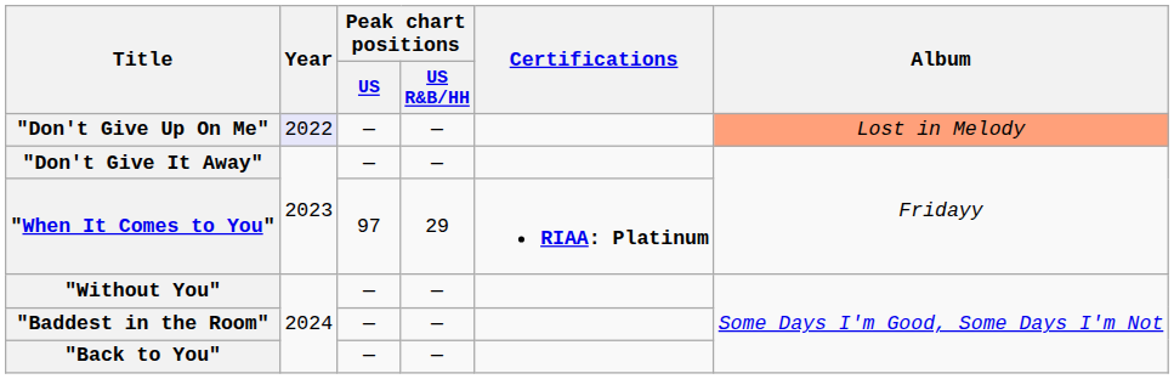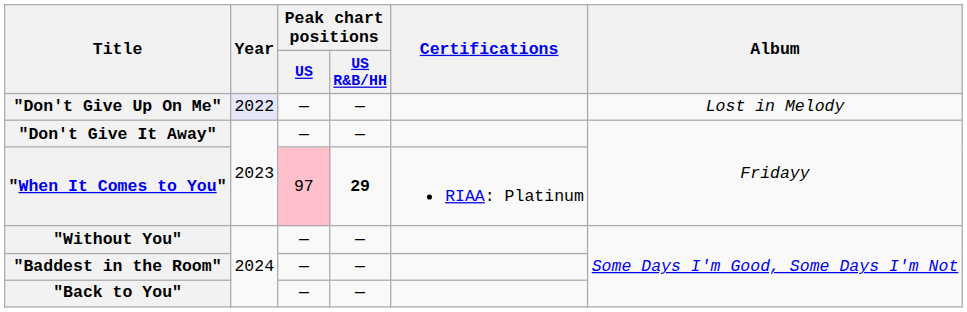 <table class="wikitable plainrowheaders" style="text-align: center;">
 <tr>
 <th scope="col" rowspan="2">Title</th>
 <th scope="col" rowspan="2">Year</th>
 <th scope="col" colspan="2">Peak chart positions</th>
 <th scope="col" rowspan="2"><a href='#'>Certifications</a></th>
 <th scope="col" rowspan="2">Album</th>
 </tr>
 <tr>
 <th scope="col" style="width:3em;font-size:90%;"><a href='#'>US</a><br></th>
 <th scope="col" style="width:3em;font-size:90%;"><a href='#'>US<br>R&B/HH</a><br></th>
 </tr>
 <tr>
 <th scope="row">"Don't Give Up On Me"</th>
 <td style="background: lavender;">2022</td>
 <td>—</td>
 <td>—</td>
 <td></td>
-<td style="background: lightsalmon;"><em>Lost in Melody</em></td>
+<td><em>Lost in Melody</em></td>
 </tr>
 <tr>
 <th scope="row">"Don't Give It Away"<br></th>
 <td rowspan="2">2023</td>
 <td>—</td>
 <td>—</td>
 <td></td>
 <td rowspan="2"><em>Fridayy</em></td>
 </tr>
 <tr>
 <th scope="row">"<a href='#'>When It Comes to You</a>"</th>
-<td>97</td>
-<td>29</td>
-<td><strong><br><ul><li><a href='#'>RIAA</a>: Platinum</li></ul></strong></td>
+<td style="background: pink;">97</td>
+<td><strong>29</strong></td>
+<td><br><ul><li><a href='#'>RIAA</a>: Platinum</li></ul></td>
 </tr>
 <tr>
 <th scope="row">"Without You"</th>
 <td rowspan="3">2024</td>
 <td>—</td>
 <td>—</td>
 <td></td>
 <td rowspan="3"><em><a href='#'>Some Days I'm Good, Some Days I'm Not</a></em></td>
 </tr>
 <tr>
 <th scope="row">"Baddest in the Room"</th>
 <td>—</td>
 <td>—</td>
 </tr>
 <tr>
 <th scope="row">"Back to You"</th>
 <td>—</td>
 <td>—</td>
 <td></td>
 </tr>
 </table>
